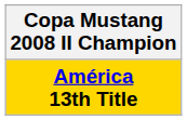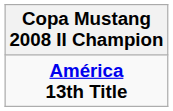 <table class="wikitable" style="text-align: center; margin: 0 auto;">
 <tr>
 <th>Copa Mustang<br>2008 II Champion</th>
 </tr>
 <tr>
-<td style="background: gold;"><strong><a href='#'>América</a></strong><br><strong>13th Title</strong></td>
+<td><strong><a href='#'>América</a></strong><br><strong>13th Title</strong></td>
 </tr>
 </table>
